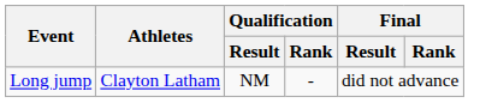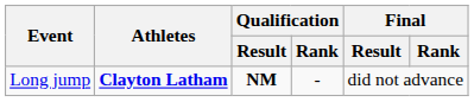 <table class="wikitable" border="1" style="font-size:90%">
 <tr>
 <th rowspan="2">Event</th>
 <th rowspan="2">Athletes</th>
 <th colspan="2">Qualification</th>
 <th colspan="2">Final</th>
 </tr>
 <tr>
 <th>Result</th>
 <th>Rank</th>
 <th>Result</th>
 <th>Rank</th>
 </tr>
 <tr>
 <td><a href='#'>Long jump</a></td>
-<td><a href='#'>Clayton Latham</a></td>
-<td align=center>NM</td>
+<td><strong><a href='#'>Clayton Latham</a></strong></td>
+<td align=center><strong>NM</strong></td>
 <td align=center>-</td>
 <td align=center colspan=2>did not advance</td>
 </tr>
 </table>
